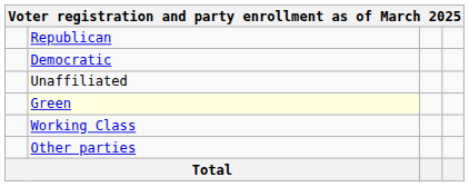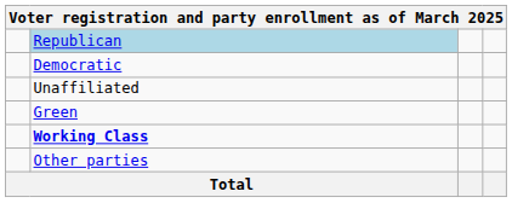 <table class=wikitable>
 <tr>
 <th colspan = 6>Voter registration and party enrollment as of March 2025</th>
 </tr>
 <tr>
 <td></td>
-<td><a href='#'>Republican</a></td>
+<td style="background: lightblue;"><a href='#'>Republican</a></td>
 <td align = center></td>
 <td align = center></td>
 </tr>
 <tr>
 <td></td>
 <td><a href='#'>Democratic</a></td>
 <td align = center></td>
 <td align = center></td>
 </tr>
 <tr>
 <td></td>
 <td>Unaffiliated</td>
 <td align = center></td>
 <td align = center></td>
 </tr>
 <tr>
 <td></td>
-<td style="background: lightyellow;"><a href='#'>Green</a></td>
+<td><a href='#'>Green</a></td>
 <td align = center></td>
 <td align = center></td>
 </tr>
 <tr>
 <td></td>
-<td><a href='#'>Working Class</a></td>
+<td><strong><a href='#'>Working Class</a></strong></td>
 <td align = center></td>
 <td align = center></td>
 </tr>
 <tr>
 <td></td>
 <td><a href='#'>Other parties</a></td>
 <td align = center></td>
 <td align = center></td>
 </tr>
 <tr>
 <th colspan = 2>Total</th>
 <th align = center></th>
 <th align = center></th>
 </tr>
 </table>
